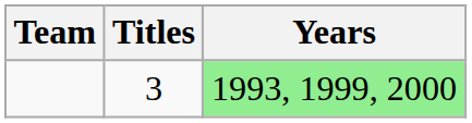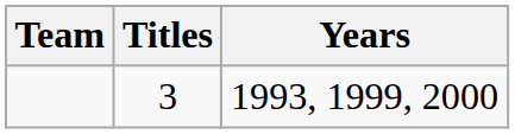 <table class="wikitable sortable" style="text-align:center">
 <tr>
 <th>Team</th>
 <th>Titles</th>
 <th>Years</th>
 </tr>
 <tr>
 <td style=><em></em></td>
 <td>3</td>
-<td align=left style="background: lightgreen;">1993, 1999, 2000</td>
+<td align=left>1993, 1999, 2000</td>
 </tr>
 </table>
